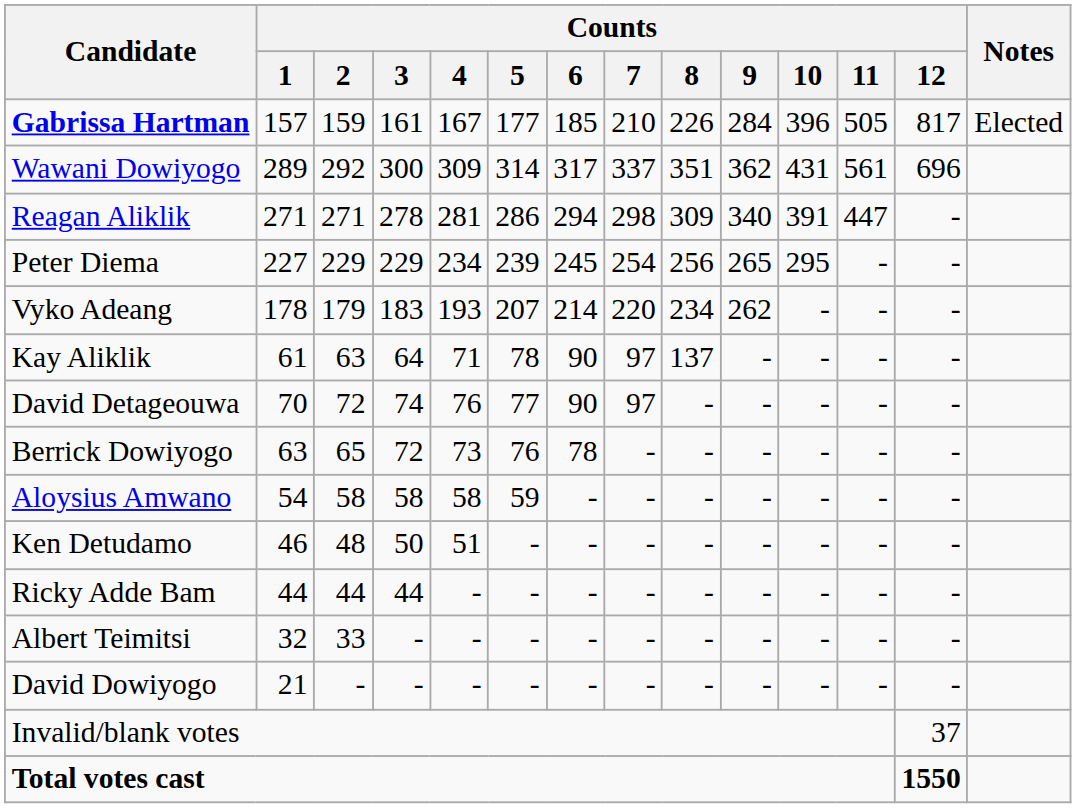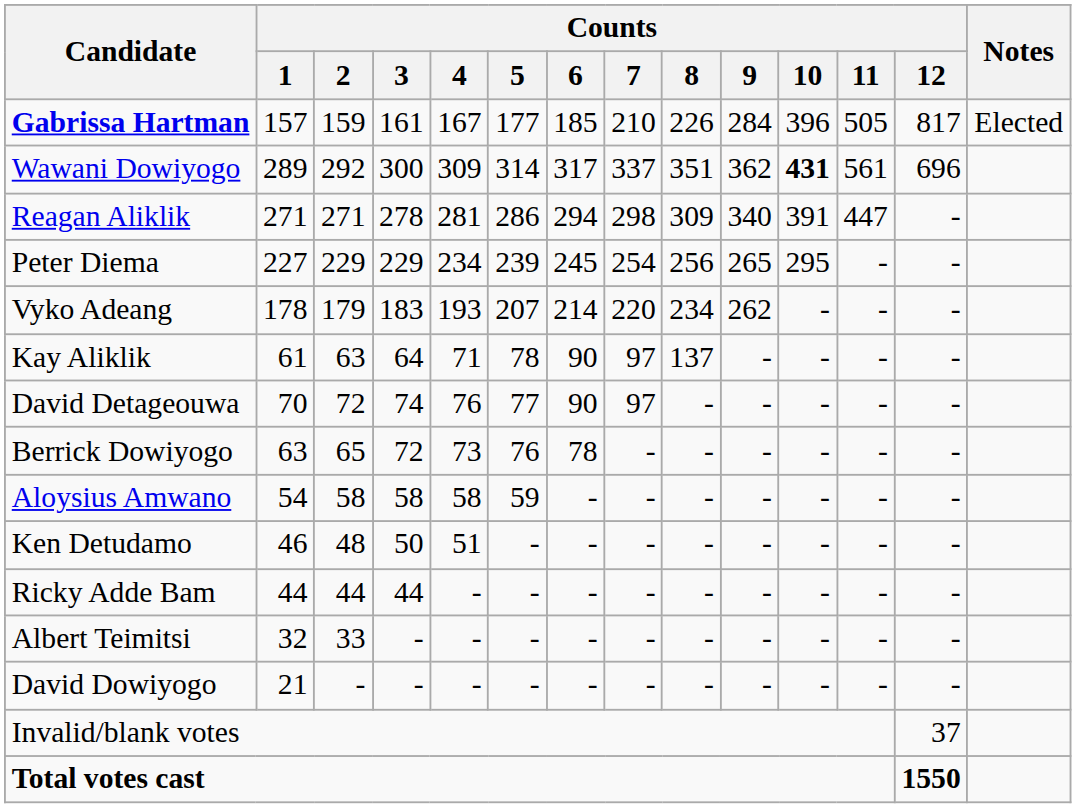 <table class=wikitable style=text-align:right>
 <tr>
 <th rowspan=2>Candidate</th>
 <th colspan=12>Counts</th>
 <th rowspan=2>Notes</th>
 </tr>
 <tr>
 <th>1</th>
 <th>2</th>
 <th>3</th>
 <th>4</th>
 <th>5</th>
 <th>6</th>
 <th>7</th>
 <th>8</th>
 <th>9</th>
 <th>10</th>
 <th>11</th>
 <th>12</th>
 </tr>
 <tr>
 <td align=left><strong><a href='#'>Gabrissa Hartman</a></strong></td>
 <td>157</td>
 <td>159</td>
 <td>161</td>
 <td>167</td>
 <td>177</td>
 <td>185</td>
 <td>210</td>
 <td>226</td>
 <td>284</td>
 <td>396</td>
 <td>505</td>
 <td>817</td>
 <td align=left>Elected</td>
 </tr>
 <tr>
 <td align=left><a href='#'>Wawani Dowiyogo</a></td>
 <td>289</td>
 <td>292</td>
 <td>300</td>
 <td>309</td>
 <td>314</td>
 <td>317</td>
 <td>337</td>
 <td>351</td>
 <td>362</td>
-<td>431</td>
+<td><strong>431</strong></td>
 <td>561</td>
 <td>696</td>
 <td align=left></td>
 </tr>
 <tr>
 <td align=left><a href='#'>Reagan Aliklik</a></td>
 <td>271</td>
 <td>271</td>
 <td>278</td>
 <td>281</td>
 <td>286</td>
 <td>294</td>
 <td>298</td>
 <td>309</td>
 <td>340</td>
 <td>391</td>
 <td>447</td>
 <td>-</td>
 <td align=left></td>
 </tr>
 <tr>
 <td align=left>Peter Diema</td>
 <td>227</td>
 <td>229</td>
 <td>229</td>
 <td>234</td>
 <td>239</td>
 <td>245</td>
 <td>254</td>
 <td>256</td>
 <td>265</td>
 <td>295</td>
 <td>-</td>
 <td>-</td>
 <td align=left></td>
 </tr>
 <tr>
 <td align=left>Vyko Adeang</td>
 <td>178</td>
 <td>179</td>
 <td>183</td>
 <td>193</td>
 <td>207</td>
 <td>214</td>
 <td>220</td>
 <td>234</td>
 <td>262</td>
 <td>-</td>
 <td>-</td>
 <td>-</td>
 <td align=left></td>
 </tr>
 <tr>
 <td align=left>Kay Aliklik</td>
 <td>61</td>
 <td>63</td>
 <td>64</td>
 <td>71</td>
 <td>78</td>
 <td>90</td>
 <td>97</td>
 <td>137</td>
 <td>-</td>
 <td>-</td>
 <td>-</td>
 <td>-</td>
 <td align=left></td>
 </tr>
 <tr>
 <td align=left>David Detageouwa</td>
 <td>70</td>
 <td>72</td>
 <td>74</td>
 <td>76</td>
 <td>77</td>
 <td>90</td>
 <td>97</td>
 <td>-</td>
 <td>-</td>
 <td>-</td>
 <td>-</td>
 <td>-</td>
 <td align=left></td>
 </tr>
 <tr>
 <td align=left>Berrick Dowiyogo</td>
 <td>63</td>
 <td>65</td>
 <td>72</td>
 <td>73</td>
 <td>76</td>
 <td>78</td>
 <td>-</td>
 <td>-</td>
 <td>-</td>
 <td>-</td>
 <td>-</td>
 <td>-</td>
 <td align=left></td>
 </tr>
 <tr>
 <td align=left><a href='#'>Aloysius Amwano</a></td>
 <td>54</td>
 <td>58</td>
 <td>58</td>
 <td>58</td>
 <td>59</td>
 <td>-</td>
 <td>-</td>
 <td>-</td>
 <td>-</td>
 <td>-</td>
 <td>-</td>
 <td>-</td>
 <td align=left></td>
 </tr>
 <tr>
 <td align=left>Ken Detudamo</td>
 <td>46</td>
 <td>48</td>
 <td>50</td>
 <td>51</td>
 <td>-</td>
 <td>-</td>
 <td>-</td>
 <td>-</td>
 <td>-</td>
 <td>-</td>
 <td>-</td>
 <td>-</td>
 <td align=left></td>
 </tr>
 <tr>
 <td align=left>Ricky Adde Bam</td>
 <td>44</td>
 <td>44</td>
 <td>44</td>
 <td>-</td>
 <td>-</td>
 <td>-</td>
 <td>-</td>
 <td>-</td>
 <td>-</td>
 <td>-</td>
 <td>-</td>
 <td>-</td>
 <td align=left></td>
 </tr>
 <tr>
 <td align=left>Albert Teimitsi</td>
 <td>32</td>
 <td>33</td>
 <td>-</td>
 <td>-</td>
 <td>-</td>
 <td>-</td>
 <td>-</td>
 <td>-</td>
 <td>-</td>
 <td>-</td>
 <td>-</td>
 <td>-</td>
 <td align=left></td>
 </tr>
 <tr>
 <td align=left>David Dowiyogo</td>
 <td>21</td>
 <td>-</td>
 <td>-</td>
 <td>-</td>
 <td>-</td>
 <td>-</td>
 <td>-</td>
 <td>-</td>
 <td>-</td>
 <td>-</td>
 <td>-</td>
 <td>-</td>
 <td align=left></td>
 </tr>
 <tr>
 <td align=left colspan=12>Invalid/blank votes</td>
 <td>37</td>
 <td></td>
 </tr>
 <tr>
 <td align=left colspan=12><strong>Total votes cast</strong></td>
 <td><strong>1550</strong></td>
 <td></td>
 </tr>
 </table>
